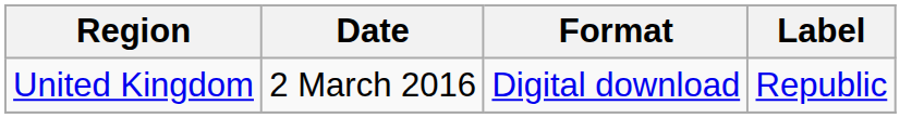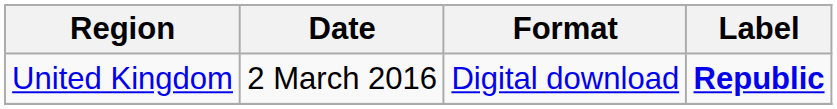 <table class=wikitable>
 <tr>
 <th>Region</th>
 <th>Date</th>
 <th>Format</th>
 <th>Label</th>
 </tr>
 <tr>
 <td><a href='#'>United Kingdom</a></td>
 <td>2 March 2016</td>
 <td><a href='#'>Digital download</a></td>
-<td><a href='#'>Republic</a></td>
+<td><strong><a href='#'>Republic</a></strong></td>
 </tr>
 <tr>
 </tr>
 </table>
